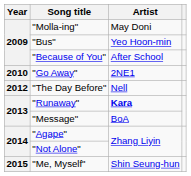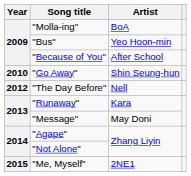 <table class="wikitable plainrowheaders sortable">
 <tr>
 <th scope="col">Year</th>
 <th scope="col">Song title</th>
 <th scope="col">Artist</th>
 <th scope="col" class="unsortable"></th>
 </tr>
 <tr>
 <th scope="row" rowspan="3">2009</th>
 <td>"Molla-ing"</td>
-<td>May Doni</td>
+<td><a href='#'>BoA</a></td>
 <td style="text-align:center"></td>
 </tr>
 <tr>
 <td>"Bus"</td>
 <td><a href='#'>Yeo Hoon-min</a></td>
 <td style="text-align:center"></td>
 </tr>
 <tr>
 <td>"<a href='#'>Because of You</a>"</td>
 <td><a href='#'>After School</a></td>
 <td style="text-align:center"></td>
 </tr>
 <tr>
 <th scope="row">2010</th>
 <td>"<a href='#'>Go Away</a>"</td>
-<td><a href='#'>2NE1</a></td>
+<td><a href='#'>Shin Seung-hun</a></td>
 <td style="text-align:center"></td>
 </tr>
 <tr>
 <th scope="row">2012</th>
 <td>"The Day Before"</td>
 <td><a href='#'>Nell</a></td>
 <td style="text-align:center"></td>
 </tr>
 <tr>
 <th scope="row" rowspan="2">2013</th>
 <td>"<a href='#'>Runaway</a>"</td>
-<td><strong><a href='#'>Kara</a></strong></td>
+<td><a href='#'>Kara</a></td>
 <td rowspan="2" style="text-align:center"></td>
 </tr>
 <tr>
 <td>"Message"</td>
-<td><a href='#'>BoA</a></td>
+<td>May Doni</td>
 </tr>
 <tr>
 <th scope="row" rowspan="2">2014</th>
 <td>"<a href='#'>Agape</a>"</td>
 <td rowspan="2"><a href='#'>Zhang Liyin</a></td>
 <td rowspan="2" style="text-align:center"></td>
 </tr>
 <tr>
 <td>"<a href='#'>Not Alone</a>"</td>
 </tr>
 <tr>
 <th scope="row">2015</th>
 <td>"Me, Myself"</td>
-<td><a href='#'>Shin Seung-hun</a></td>
+<td><a href='#'>2NE1</a></td>
 <td style="text-align:center"></td>
 </tr>
 </table>
